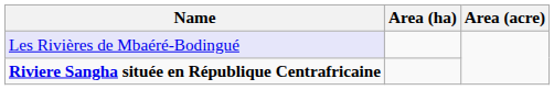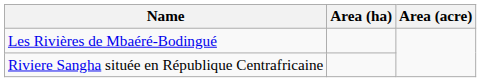 <table class="wikitable sortable">
 <tr>
 <th scope="col" align=left>Name</th>
 <th scope="col">Area (ha)</th>
 <th scope="col">Area (acre)</th>
 </tr>
 <tr ---->
-<td style="background: lavender;"><a href='#'>Les Rivières de Mbaéré-Bodingué</a></td>
+<td><a href='#'>Les Rivières de Mbaéré-Bodingué</a></td>
 <td></td>
 </tr>
 <tr ---->
-<td><strong><a href='#'>Riviere Sangha</a> située en République Centrafricaine</strong></td>
+<td><a href='#'>Riviere Sangha</a> située en République Centrafricaine</td>
 <td></td>
 </tr>
 </table>
